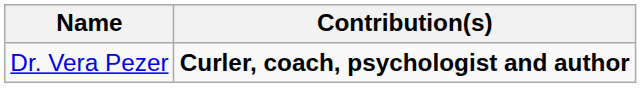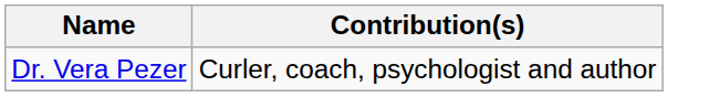 <table class="wikitable">
 <tr>
 <th><strong>Name</strong></th>
 <th><strong>Contribution(s)</strong></th>
 </tr>
 <tr>
 <td><a href='#'>Dr. Vera Pezer</a></td>
-<td><strong>Curler, coach, psychologist and author</strong></td>
+<td>Curler, coach, psychologist and author</td>
 </tr>
 </table>
